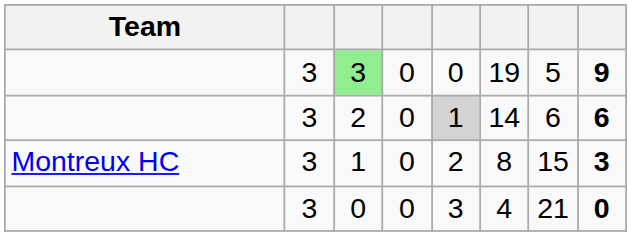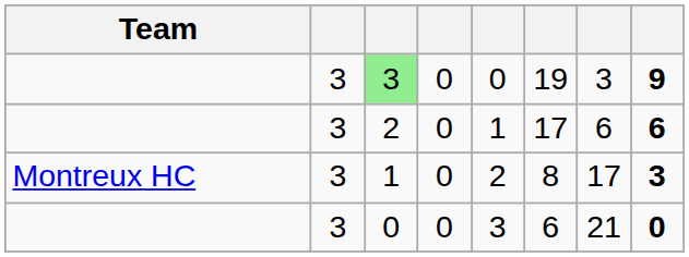 <table class="wikitable" style="text-align:center;">
 <tr>
 <th width=150>Team</th>
 <th width=20></th>
 <th width=20></th>
 <th width=20></th>
 <th width=20></th>
 <th width=20></th>
 <th width=20></th>
 <th width=20></th>
 </tr>
 <tr>
 <td align=left></td>
 <td>3</td>
 <td style="background: lightgreen;">3</td>
 <td>0</td>
 <td>0</td>
 <td>19</td>
-<td>5</td>
+<td>3</td>
 <td><strong>9</strong></td>
 </tr>
 <tr>
 <td align=left></td>
 <td>3</td>
 <td>2</td>
 <td>0</td>
-<td style="background: lightgrey;">1</td>
-<td>14</td>
+<td>1</td>
+<td>17</td>
 <td>6</td>
 <td><strong>6</strong></td>
 </tr>
 <tr>
 <td align=left> <a href='#'>Montreux HC</a></td>
 <td>3</td>
 <td>1</td>
 <td>0</td>
 <td>2</td>
 <td>8</td>
-<td>15</td>
+<td>17</td>
 <td><strong>3</strong></td>
 </tr>
 <tr>
 <td align=left></td>
 <td>3</td>
 <td>0</td>
 <td>0</td>
 <td>3</td>
-<td>4</td>
+<td>6</td>
 <td>21</td>
 <td><strong>0</strong></td>
 </tr>
 </table>
